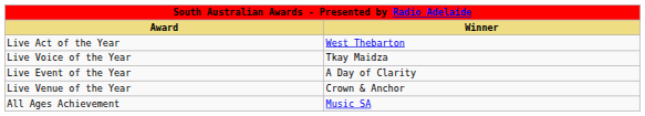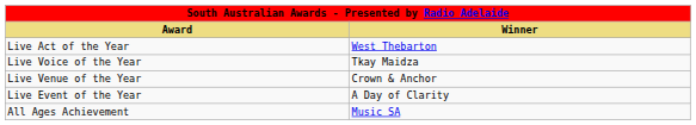 <table class="wikitable" width=100%>
 <tr>
 <th colspan="2" ! style="width:15%;background:red">South Australian Awards - Presented by <a href='#'>Radio Adelaide</a></th>
 </tr>
 <tr>
 <th style="width:10%;background:#EEDD82;">Award</th>
 <th style="width:10%;background:#EEDD82;">Winner</th>
 </tr>
 <tr>
 <td>Live Act of the Year</td>
 <td><a href='#'>West Thebarton</a></td>
 </tr>
 <tr>
 <td>Live Voice of the Year</td>
 <td>Tkay Maidza</td>
 </tr>
 <tr>
+<td>Live Venue of the Year</td>
+<td>Crown & Anchor</td>
+</tr>
+<tr>
 <td>Live Event of the Year</td>
 <td>A Day of Clarity</td>
-</tr>
-<tr>
-<td>Live Venue of the Year</td>
-<td>Crown & Anchor</td>
 </tr>
 <tr>
 <td>All Ages Achievement</td>
 <td><a href='#'>Music SA</a></td>
 </tr>
 </table>
